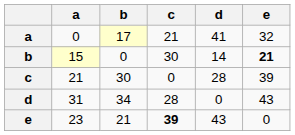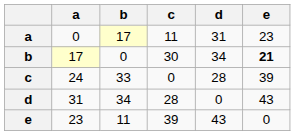 <table class="wikitable" style="text-align: center;">
 <tr>
 <th style="width: 50px;"></th>
 <th style="width: 50px;">a</th>
 <th style="width: 50px;">b</th>
 <th style="width: 50px;">c</th>
 <th style="width: 50px;">d</th>
 <th style="width: 50px;">e</th>
 </tr>
 <tr>
 <th>a</th>
 <td>0</td>
 <td style=background:#ffffcc;>17</td>
-<td>21</td>
-<td>41</td>
-<td>32</td>
+<td>11</td>
+<td>31</td>
+<td>23</td>
 </tr>
 <tr>
 <th>b</th>
-<td style=background:#ffffcc;>15</td>
+<td style=background:#ffffcc;>17</td>
 <td>0</td>
 <td>30</td>
-<td>14</td>
+<td>34</td>
 <td><strong>21</strong></td>
 </tr>
 <tr>
 <th>c</th>
-<td>21</td>
-<td>30</td>
+<td>24</td>
+<td>33</td>
 <td>0</td>
 <td>28</td>
 <td>39</td>
 </tr>
 <tr>
 <th>d</th>
 <td>31</td>
 <td>34</td>
 <td>28</td>
 <td>0</td>
 <td>43</td>
 </tr>
 <tr>
 <th>e</th>
 <td>23</td>
-<td>21</td>
-<td><strong>39</strong></td>
+<td>11</td>
+<td>39</td>
 <td>43</td>
 <td>0</td>
 </tr>
 </table>
